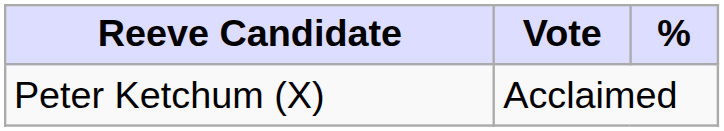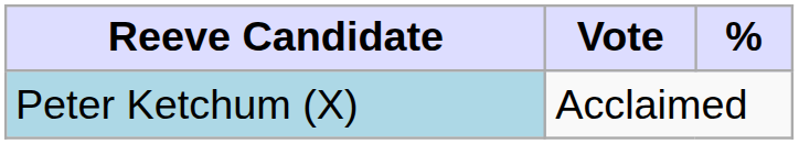 <table class="wikitable">
 <tr>
 <th style="background:#ddf; width:200px;">Reeve Candidate </th>
 <th style="background:#ddf; width:50px;">Vote</th>
 <th style="background:#ddf; width:30px;">%</th>
 </tr>
 <tr>
-<td>Peter Ketchum (X)</td>
+<td style="background: lightblue;">Peter Ketchum (X)</td>
 <td colspan="2">Acclaimed</td>
 </tr>
 </table>
